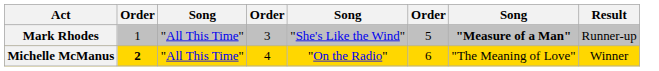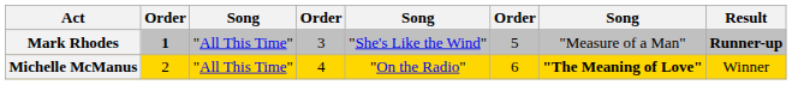 <table class="wikitable plainrowheaders" style="text-align:center;">
 <tr>
 <th scope="col">Act</th>
 <th scope="col">Order</th>
 <th scope="col">Song</th>
 <th scope="col">Order</th>
 <th scope="col">Song</th>
 <th scope="col">Order</th>
 <th scope="col">Song</th>
 <th scope="col">Result</th>
 </tr>
 <tr style="background:silver;">
 <th scope="row">Mark Rhodes</th>
-<td>1</td>
+<td><strong>1</strong></td>
 <td>"<a href='#'>All This Time</a>"</td>
 <td>3</td>
 <td>"<a href='#'>She's Like the Wind</a>"</td>
 <td>5</td>
-<td><strong>"Measure of a Man"</strong></td>
-<td>Runner-up</td>
+<td>"Measure of a Man"</td>
+<td><strong>Runner-up</strong></td>
 </tr>
 <tr style="background:gold;">
 <th scope="row">Michelle McManus</th>
-<td><strong>2</strong></td>
+<td>2</td>
 <td>"<a href='#'>All This Time</a>"</td>
 <td>4</td>
 <td>"<a href='#'>On the Radio</a>"</td>
 <td>6</td>
-<td>"The Meaning of Love"</td>
+<td><strong>"The Meaning of Love"</strong></td>
 <td>Winner</td>
 </tr>
 </table>
